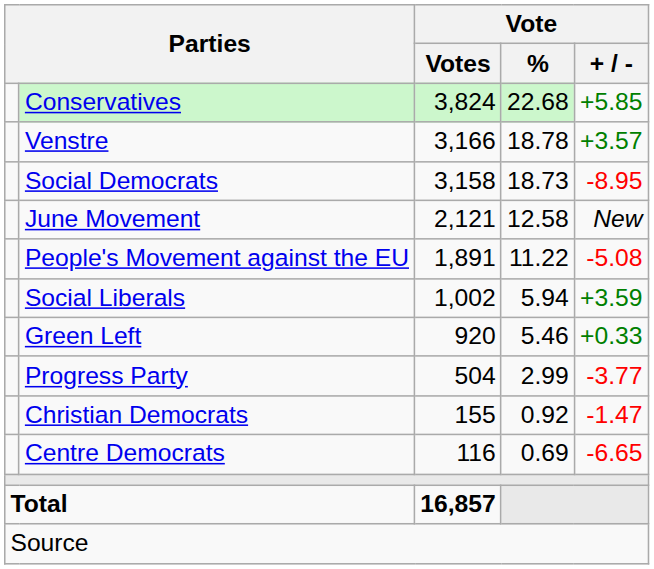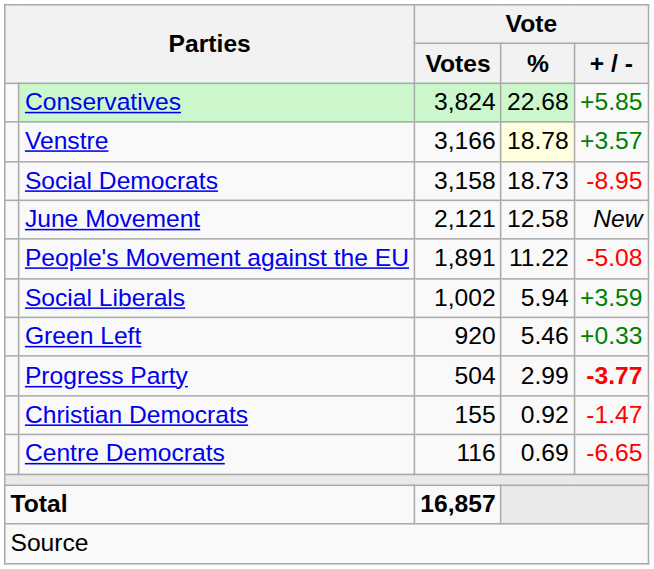 <table class="wikitable" style="text-align:right;">
 <tr>
 <th style="text-align:centre;" rowspan="2" colspan="2" width="225">Parties</th>
 <th colspan="3">Vote</th>
 </tr>
 <tr>
 <th width="15">Votes</th>
 <th width="15">%</th>
 <th width="15">+ / -</th>
 </tr>
 <tr>
 <td width="2" style="color:inherit;background:"></td>
 <td bgcolor=#ccf7cc   align="left"><a href='#'>Conservatives</a></td>
 <td bgcolor=#ccf7cc>3,824</td>
 <td bgcolor=#ccf7cc>22.68</td>
 <td style=color:green;>+5.85</td>
 </tr>
 <tr>
 <td width="2" style="color:inherit;background:"></td>
 <td align="left"><a href='#'>Venstre</a></td>
 <td>3,166</td>
-<td>18.78</td>
+<td style="background: lightyellow;">18.78</td>
 <td style=color:green;>+3.57</td>
 </tr>
 <tr>
 <td width="2" style="color:inherit;background:"></td>
 <td align="left"><a href='#'>Social Democrats</a></td>
 <td>3,158</td>
 <td>18.73</td>
 <td style=color:red;>-8.95</td>
 </tr>
 <tr>
 <td width="2" style="color:inherit;background:"></td>
 <td align="left"><a href='#'>June Movement</a></td>
 <td>2,121</td>
 <td>12.58</td>
 <td><em>New</em></td>
 </tr>
 <tr>
 <td width="2" style="color:inherit;background:"></td>
 <td align="left"><a href='#'>People's Movement against the EU</a></td>
 <td>1,891</td>
 <td>11.22</td>
 <td style=color:red;>-5.08</td>
 </tr>
 <tr>
 <td width="2" style="color:inherit;background:"></td>
 <td align="left"><a href='#'>Social Liberals</a></td>
 <td>1,002</td>
 <td>5.94</td>
 <td style=color:green;>+3.59</td>
 </tr>
 <tr>
 <td width="2" style="color:inherit;background:"></td>
 <td align="left"><a href='#'>Green Left</a></td>
 <td>920</td>
 <td>5.46</td>
 <td style=color:green;>+0.33</td>
 </tr>
 <tr>
 <td width="2" style="color:inherit;background:"></td>
 <td align="left"><a href='#'>Progress Party</a></td>
 <td>504</td>
 <td>2.99</td>
-<td style=color:red;>-3.77</td>
+<td style=color:red;><strong>-3.77</strong></td>
 </tr>
 <tr>
 <td width="2" style="color:inherit;background:"></td>
 <td align="left"><a href='#'>Christian Democrats</a></td>
 <td>155</td>
 <td>0.92</td>
 <td style=color:red;>-1.47</td>
 </tr>
 <tr>
 <td width="2" style="color:inherit;background:"></td>
 <td align="left"><a href='#'>Centre Democrats</a></td>
 <td>116</td>
 <td>0.69</td>
 <td style=color:red;>-6.65</td>
 </tr>
 <tr>
 <td colspan="7" bgcolor="#E9E9E9"></td>
 </tr>
 <tr>
 <td align="left" colspan="2"><strong>Total</strong></td>
 <td><strong>16,857</strong></td>
 <td bgcolor="#E9E9E9" colspan="2"></td>
 </tr>
 <tr>
 <td align="left" colspan="6">Source</td>
 </tr>
 </table>
